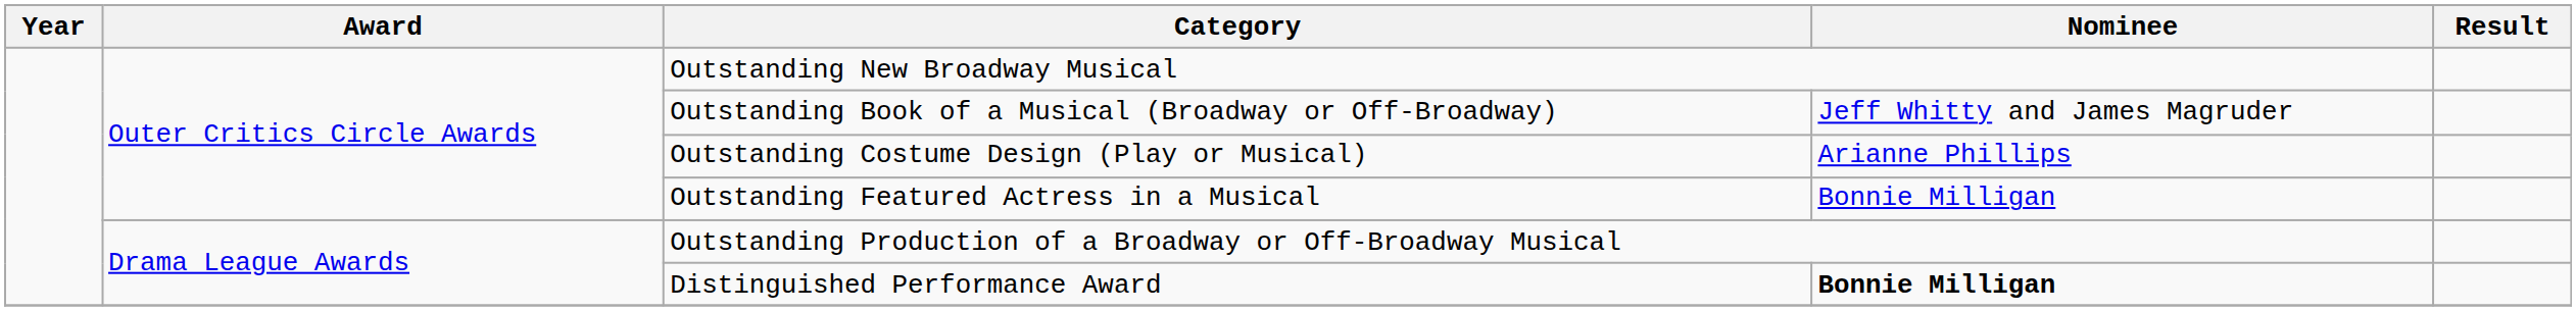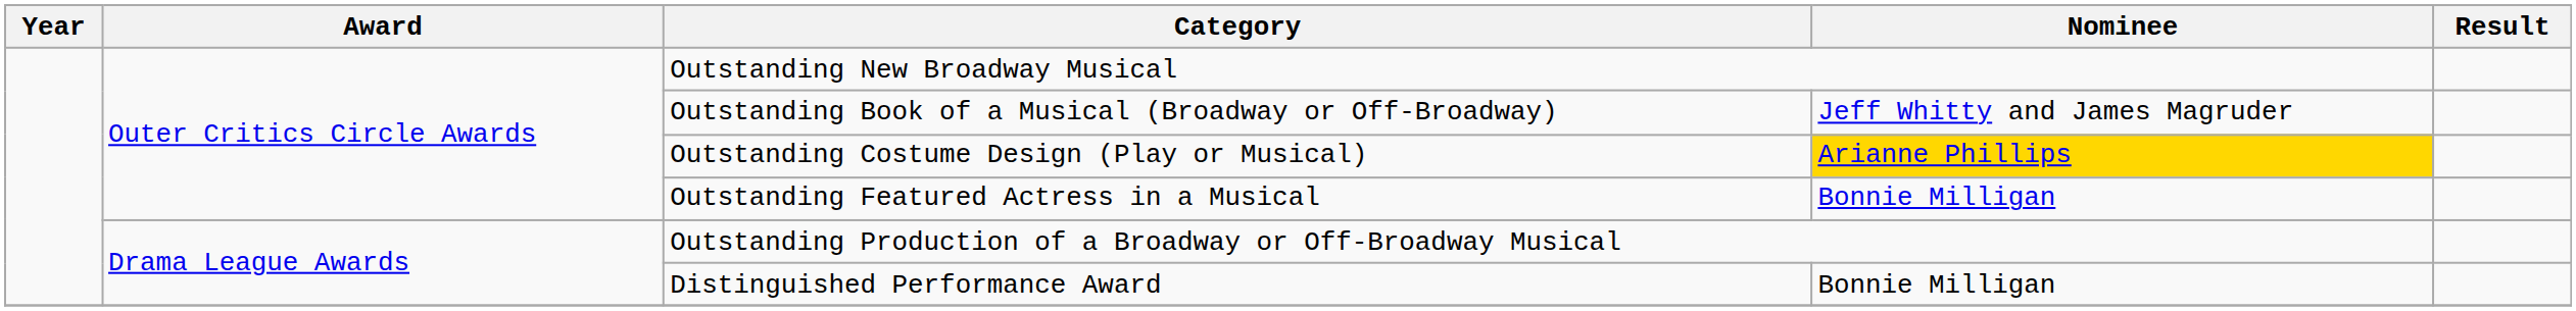 <table class="wikitable" style="width:100%;">
 <tr>
 <th>Year</th>
 <th><strong>Award</strong></th>
 <th><strong>Category</strong></th>
 <th><strong>Nominee</strong></th>
 <th><strong>Result</strong></th>
 </tr>
 <tr>
 <td rowspan="6"></td>
 <td rowspan="4"><a href='#'>Outer Critics Circle Awards</a></td>
 <td colspan="2">Outstanding New Broadway Musical</td>
 <td></td>
 </tr>
 <tr>
 <td>Outstanding Book of a Musical (Broadway or Off-Broadway)</td>
 <td><a href='#'>Jeff Whitty</a> and James Magruder</td>
 <td></td>
 </tr>
 <tr>
 <td>Outstanding Costume Design (Play or Musical)</td>
-<td><a href='#'>Arianne Phillips</a></td>
+<td style="background: gold;"><a href='#'>Arianne Phillips</a></td>
 <td></td>
 </tr>
 <tr>
 <td>Outstanding Featured Actress in a Musical</td>
 <td><a href='#'>Bonnie Milligan</a></td>
 <td></td>
 </tr>
 <tr>
 <td rowspan="2"><a href='#'>Drama League Awards</a></td>
 <td colspan="2">Outstanding Production of a Broadway or Off-Broadway Musical</td>
 <td></td>
 </tr>
 <tr>
 <td>Distinguished Performance Award</td>
-<td><strong>Bonnie Milligan</strong></td>
+<td>Bonnie Milligan</td>
 <td></td>
 </tr>
 <tr>
 </tr>
 </table>
